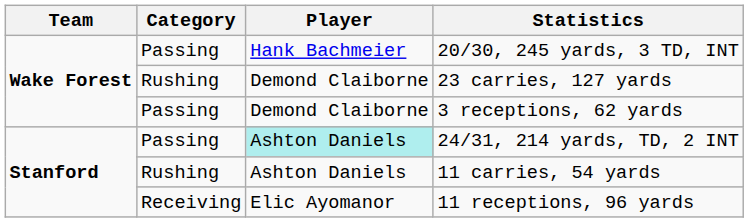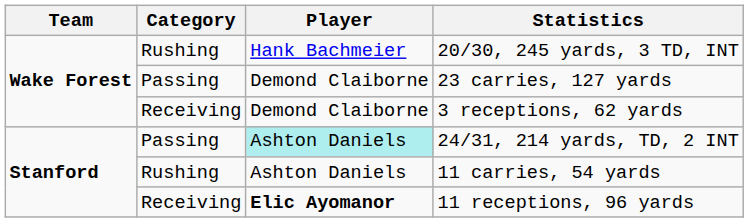 <table class="wikitable" style="float: right;">
 <tr>
 <th>Team</th>
 <th>Category</th>
 <th>Player</th>
 <th>Statistics</th>
 </tr>
 <tr>
 <td rowspan=3><strong>Wake Forest</strong></td>
-<td>Passing</td>
+<td>Rushing</td>
 <td><a href='#'>Hank Bachmeier</a></td>
 <td>20/30, 245 yards, 3 TD, INT</td>
 </tr>
 <tr>
-<td>Rushing</td>
+<td>Passing</td>
 <td>Demond Claiborne</td>
 <td>23 carries, 127 yards</td>
 </tr>
 <tr>
-<td>Passing</td>
+<td>Receiving</td>
 <td>Demond Claiborne</td>
 <td>3 receptions, 62 yards</td>
 </tr>
 <tr>
 <td rowspan=3><strong>Stanford</strong></td>
 <td>Passing</td>
 <td style="background: paleturquoise;">Ashton Daniels</td>
 <td>24/31, 214 yards, TD, 2 INT</td>
 </tr>
 <tr>
 <td>Rushing</td>
 <td>Ashton Daniels</td>
 <td>11 carries, 54 yards</td>
 </tr>
 <tr>
 <td>Receiving</td>
-<td>Elic Ayomanor</td>
+<td><strong>Elic Ayomanor</strong></td>
 <td>11 receptions, 96 yards</td>
 </tr>
 </table>
